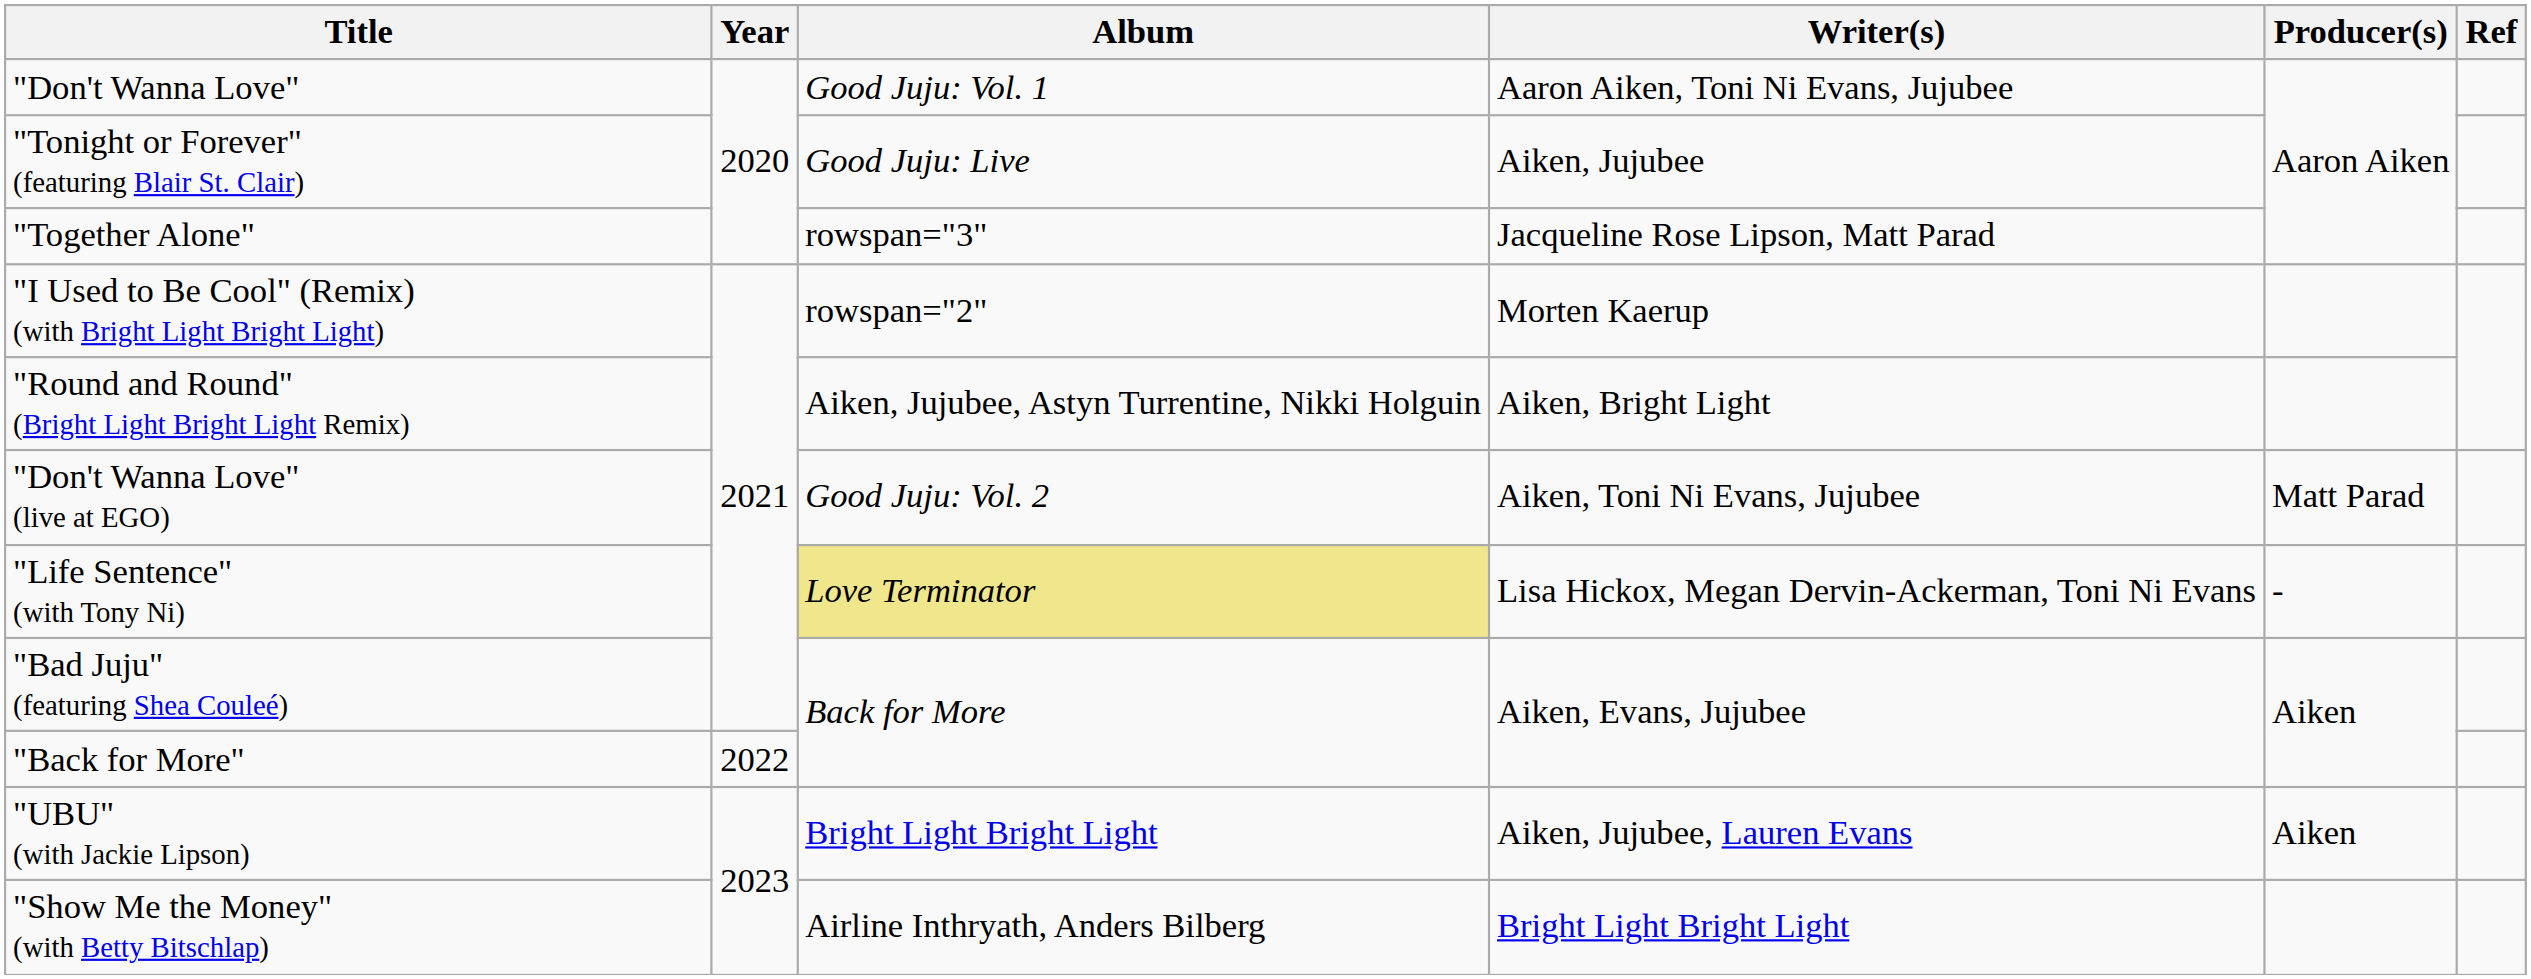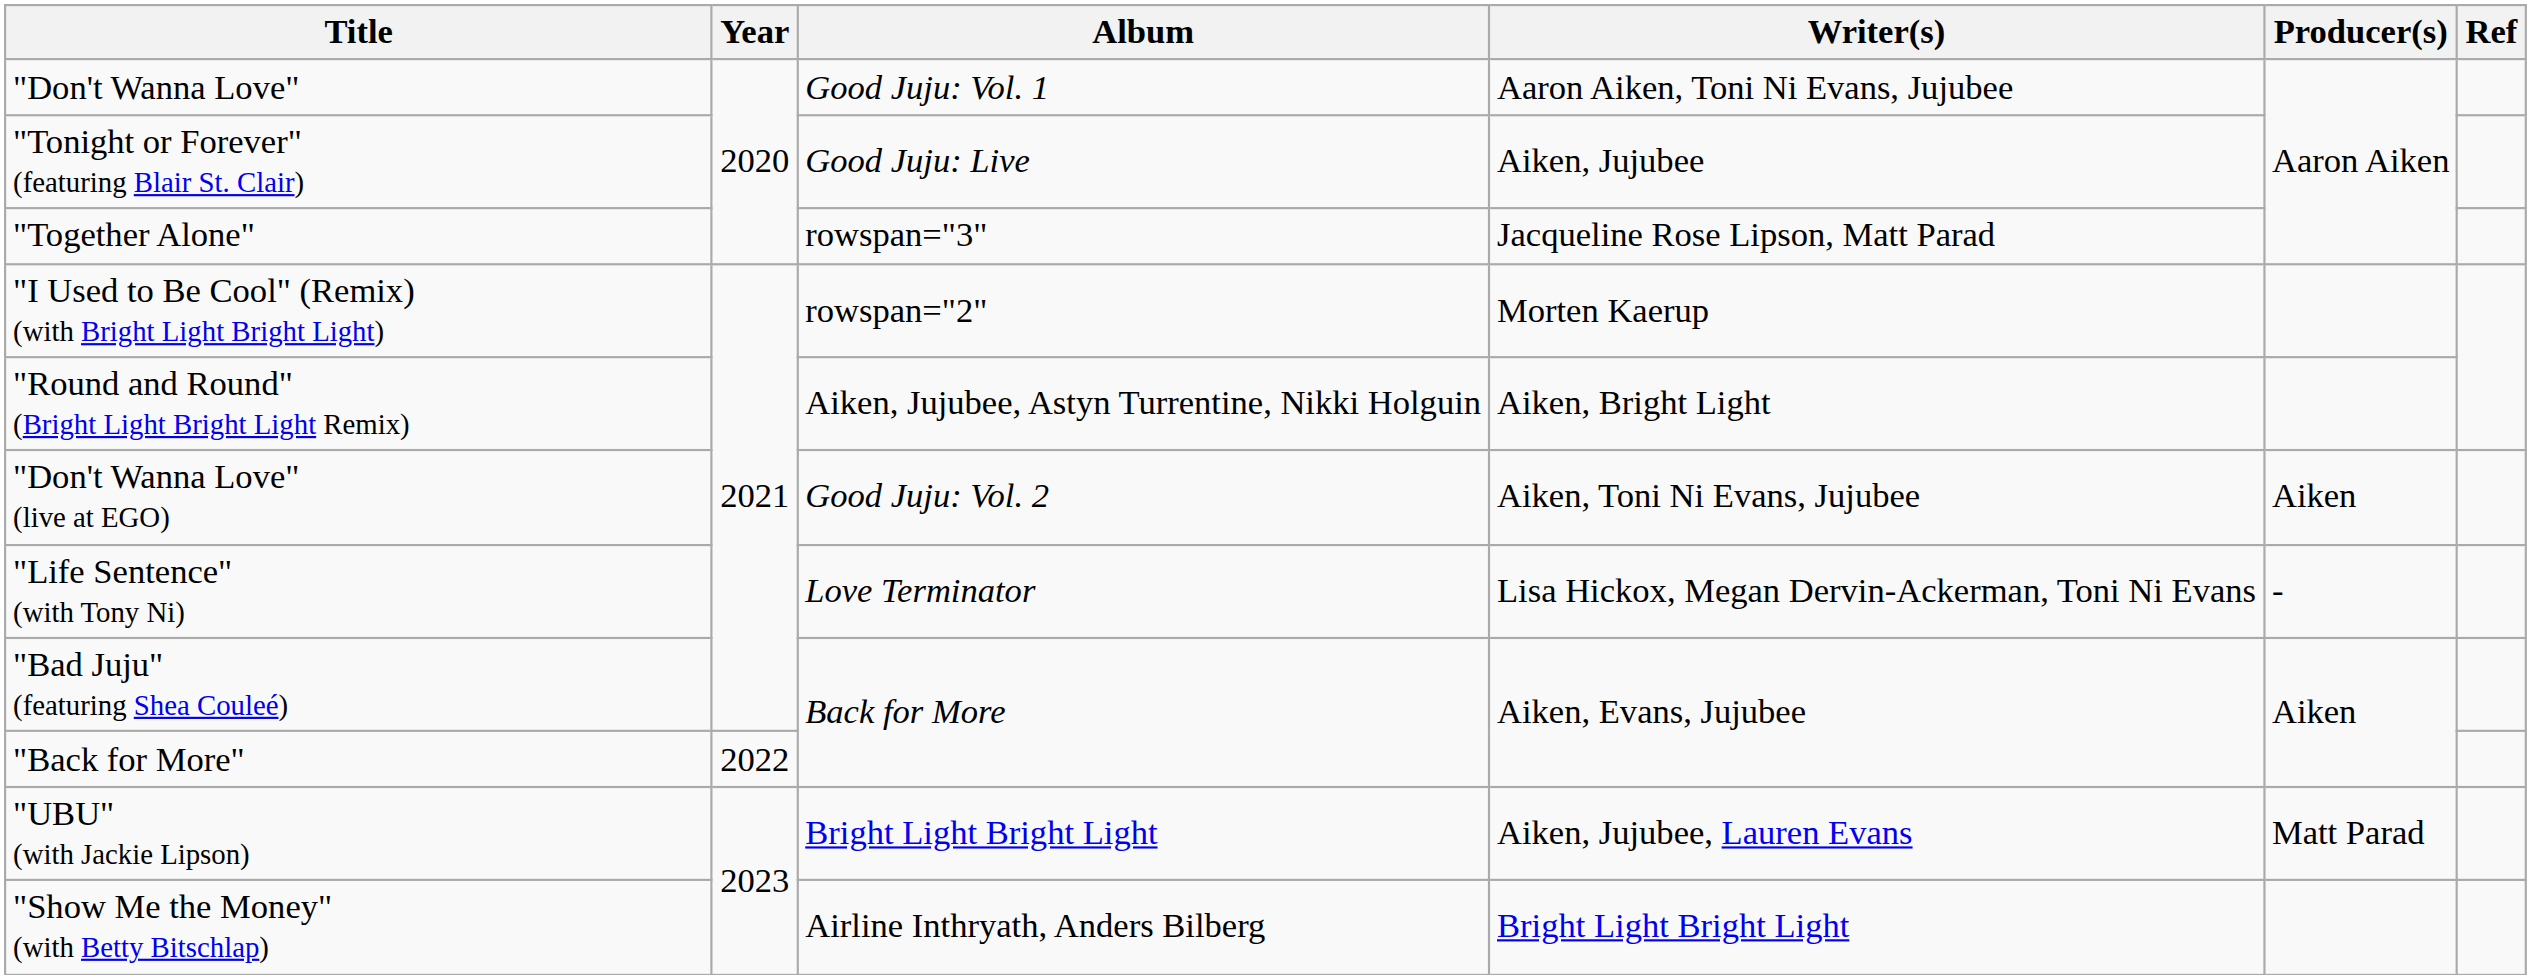 <table class="wikitable plainrowheaders" style="text-align:left;">
 <tr>
 <th style="width:20em;">Title</th>
 <th>Year</th>
 <th>Album</th>
 <th>Writer(s)</th>
 <th>Producer(s)</th>
 <th>Ref</th>
 </tr>
 <tr>
 <td>"Don't Wanna Love"</td>
 <td rowspan="3">2020</td>
 <td><em>Good Juju: Vol. 1</em></td>
 <td>Aaron Aiken, Toni Ni Evans, Jujubee</td>
 <td rowspan="3">Aaron Aiken</td>
 <td style="text-align: center;"></td>
 </tr>
 <tr>
 <td>"Tonight or Forever"<br><small>(featuring <a href='#'>Blair St. Clair</a>)</small></td>
 <td><em>Good Juju: Live</em></td>
 <td>Aiken, Jujubee</td>
 <td style="text-align: center;"></td>
 </tr>
 <tr>
 <td>"Together Alone"</td>
 <td>rowspan="3" </td>
 <td>Jacqueline Rose Lipson, Matt Parad</td>
 <td style="text-align: center;"></td>
 </tr>
 <tr>
 <td>"I Used to Be Cool" (Remix)<br><small>(with <a href='#'>Bright Light Bright Light</a>)</small></td>
 <td rowspan="5">2021</td>
 <td>rowspan="2" </td>
 <td>Morten Kaerup</td>
 <td style="text-align: center;"></td>
 </tr>
 <tr>
 <td>"Round and Round"<br><small>(<a href='#'>Bright Light Bright Light</a> Remix)</small></td>
 <td>Aiken, Jujubee, Astyn Turrentine, Nikki Holguin</td>
 <td>Aiken, Bright Light</td>
 <td style="text-align: center;"></td>
 </tr>
 <tr>
 <td>"Don't Wanna Love"<br><small>(live at EGO)</small></td>
 <td><em>Good Juju: Vol. 2</em></td>
 <td>Aiken, Toni Ni Evans, Jujubee</td>
-<td>Matt Parad</td>
+<td>Aiken</td>
 <td style="text-align: center;"></td>
 </tr>
 <tr>
 <td>"Life Sentence"<br><small>(with Tony Ni)</small></td>
-<td style="background: khaki;"><em>Love Terminator</em></td>
+<td><em>Love Terminator</em></td>
 <td>Lisa Hickox, Megan Dervin-Ackerman, Toni Ni Evans</td>
 <td><em>-</em></td>
 <td style="text-align: center;"></td>
 </tr>
 <tr>
 <td>"Bad Juju"<br><small>(featuring <a href='#'>Shea Couleé</a>)</small></td>
 <td rowspan="2"><em>Back for More</em></td>
 <td rowspan="2">Aiken, Evans, Jujubee</td>
 <td rowspan="2">Aiken</td>
 <td style="text-align: center;"></td>
 </tr>
 <tr>
 <td>"Back for More"</td>
 <td>2022</td>
 <td style="text-align: center;"></td>
 </tr>
 <tr>
 <td>"UBU" <br><small>(with Jackie Lipson)</small></td>
 <td rowspan="2">2023</td>
 <td><a href='#'>Bright Light Bright Light</a></td>
 <td>Aiken, Jujubee, <a href='#'>Lauren Evans</a></td>
-<td>Aiken</td>
+<td>Matt Parad</td>
 <td style="text-align: center;"></td>
 </tr>
 <tr>
 <td>"Show Me the Money"<br><small>(with <a href='#'>Betty Bitschlap</a>)</small></td>
 <td>Airline Inthryath, Anders Bilberg</td>
 <td><a href='#'>Bright Light Bright Light</a></td>
 <td></td>
 </tr>
 </table>
